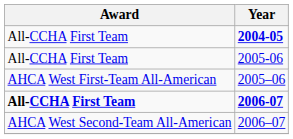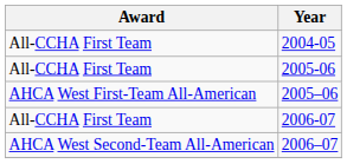 <table class="wikitable">
 <tr>
 <th>Award</th>
 <th>Year</th>
 </tr>
 <tr>
 <td>All-<a href='#'>CCHA</a> <a href='#'>First Team</a></td>
-<td><strong><a href='#'>2004-05</a></strong></td>
+<td><a href='#'>2004-05</a></td>
 </tr>
 <tr>
 <td>All-<a href='#'>CCHA</a> <a href='#'>First Team</a></td>
 <td><a href='#'>2005-06</a></td>
 </tr>
 <tr>
 <td><a href='#'>AHCA</a> <a href='#'>West First-Team All-American</a></td>
 <td><a href='#'>2005–06</a></td>
 </tr>
 <tr>
-<td><strong>All-<a href='#'>CCHA</a> <a href='#'>First Team</a></strong></td>
-<td><strong><a href='#'>2006-07</a></strong></td>
+<td>All-<a href='#'>CCHA</a> <a href='#'>First Team</a></td>
+<td><a href='#'>2006-07</a></td>
 </tr>
 <tr>
 <td><a href='#'>AHCA</a> <a href='#'>West Second-Team All-American</a></td>
 <td><a href='#'>2006–07</a></td>
 </tr>
 <tr>
 </tr>
 </table>
